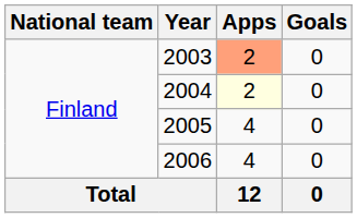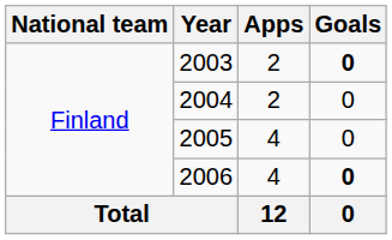 <table class="wikitable" style="text-align:center">
 <tr>
 <th>National team</th>
 <th>Year</th>
 <th>Apps</th>
 <th>Goals</th>
 </tr>
 <tr>
 <td rowspan="4"><a href='#'>Finland</a></td>
 <td>2003</td>
-<td style="background: lightsalmon;">2</td>
-<td>0</td>
+<td>2</td>
+<td><strong>0</strong></td>
 </tr>
 <tr>
 <td>2004</td>
-<td style="background: lightyellow;">2</td>
+<td>2</td>
 <td>0</td>
 </tr>
 <tr>
 <td>2005</td>
 <td>4</td>
 <td>0</td>
 </tr>
 <tr>
 <td>2006</td>
 <td>4</td>
-<td>0</td>
+<td><strong>0</strong></td>
 </tr>
 <tr>
 <th colspan="2">Total</th>
 <th>12</th>
 <th>0</th>
 </tr>
 </table>
